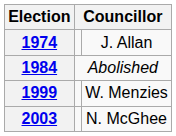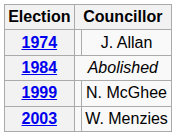 <table class="wikitable" style="text-align:center">
 <tr>
 <th>Election</th>
 <th colspan=2>Councillor</th>
 </tr>
 <tr>
 <th><a href='#'>1974</a></th>
 <td style="background-color: "></td>
 <td>J. Allan</td>
 </tr>
 <tr>
 <th><a href='#'>1984</a></th>
 <td colspan=2><em>Abolished</em></td>
 </tr>
 <tr>
 <th><a href='#'>1999</a></th>
 <td style="background-color: "></td>
-<td>W. Menzies</td>
+<td>N. McGhee</td>
 </tr>
 <tr>
 <th><a href='#'>2003</a></th>
 <td style="background-color: "></td>
-<td>N. McGhee</td>
+<td>W. Menzies</td>
 </tr>
 </table>
